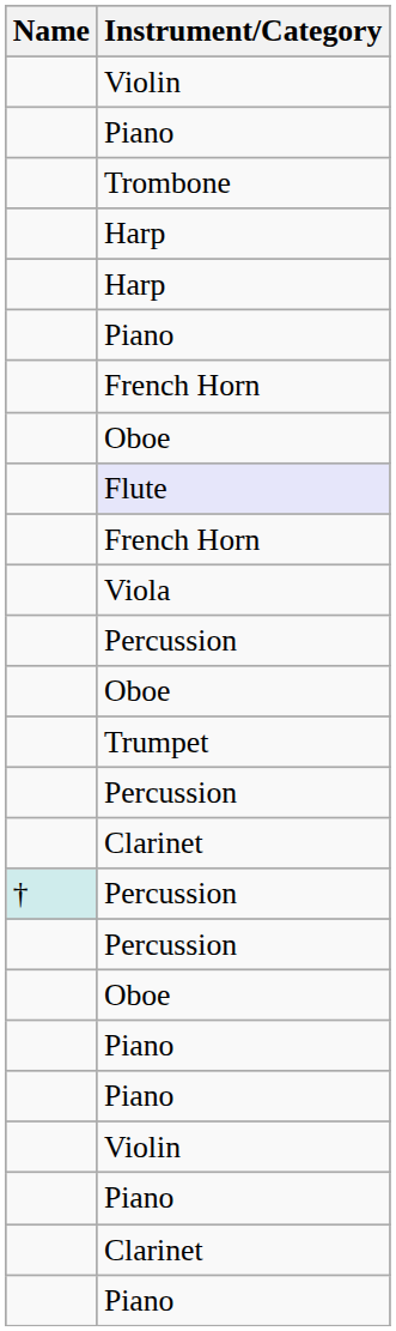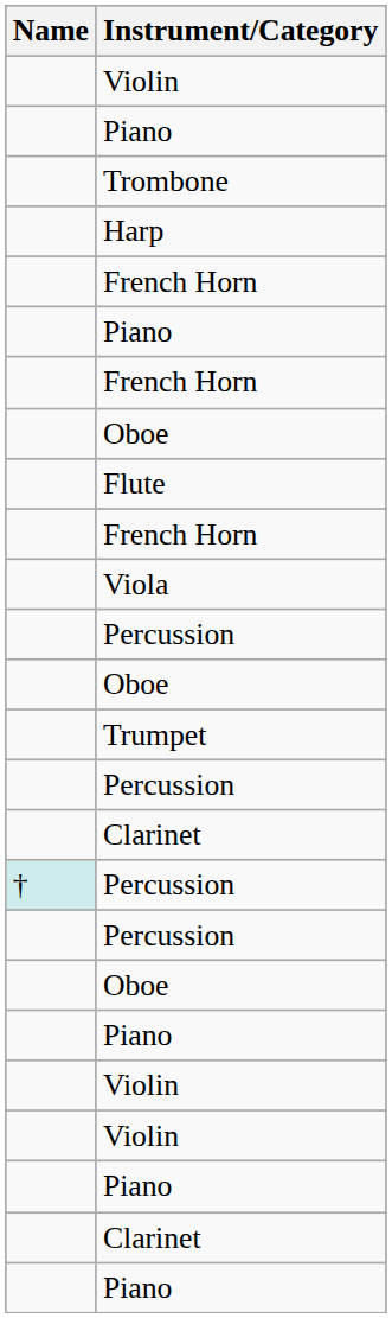 <table class="wikitable sortable" style="font-size: 95%">
 <tr>
 <th>Name</th>
 <th>Instrument/Category</th>
 </tr>
 <tr>
 <td></td>
 <td>Violin</td>
 </tr>
 <tr>
 <td></td>
 <td>Piano</td>
 </tr>
 <tr>
 <td></td>
 <td>Trombone</td>
 </tr>
 <tr>
 <td></td>
 <td>Harp</td>
 </tr>
 <tr>
 <td></td>
-<td>Harp</td>
+<td>French Horn</td>
 </tr>
 <tr>
 <td></td>
 <td>Piano</td>
 </tr>
 <tr>
 <td><em></em></td>
 <td>French Horn</td>
 </tr>
 <tr>
 <td></td>
 <td>Oboe</td>
 </tr>
 <tr>
 <td><strong></strong></td>
-<td style="background: lavender;">Flute</td>
+<td>Flute</td>
 </tr>
 <tr>
 <td></td>
 <td>French Horn</td>
 </tr>
 <tr>
 <td></td>
 <td>Viola</td>
 </tr>
 <tr>
 <td><em></em></td>
 <td>Percussion</td>
 </tr>
 <tr>
 <td></td>
 <td>Oboe</td>
 </tr>
 <tr>
 <td></td>
 <td>Trumpet</td>
 </tr>
 <tr>
 <td></td>
 <td>Percussion</td>
 </tr>
 <tr>
 <td></td>
 <td>Clarinet</td>
 </tr>
 <tr>
 <td bgcolor="#CFECEC"><strong></strong>†</td>
 <td>Percussion</td>
 </tr>
 <tr>
 <td></td>
 <td>Percussion</td>
 </tr>
 <tr>
 <td></td>
 <td>Oboe</td>
 </tr>
 <tr>
 <td></td>
 <td>Piano</td>
 </tr>
 <tr>
 <td></td>
-<td>Piano</td>
+<td>Violin</td>
 </tr>
 <tr>
 <td><strong></strong></td>
 <td>Violin</td>
 </tr>
 <tr>
 <td></td>
 <td>Piano</td>
 </tr>
 <tr>
 <td></td>
 <td>Clarinet</td>
 </tr>
 <tr>
 <td></td>
 <td>Piano</td>
 </tr>
 </table>
